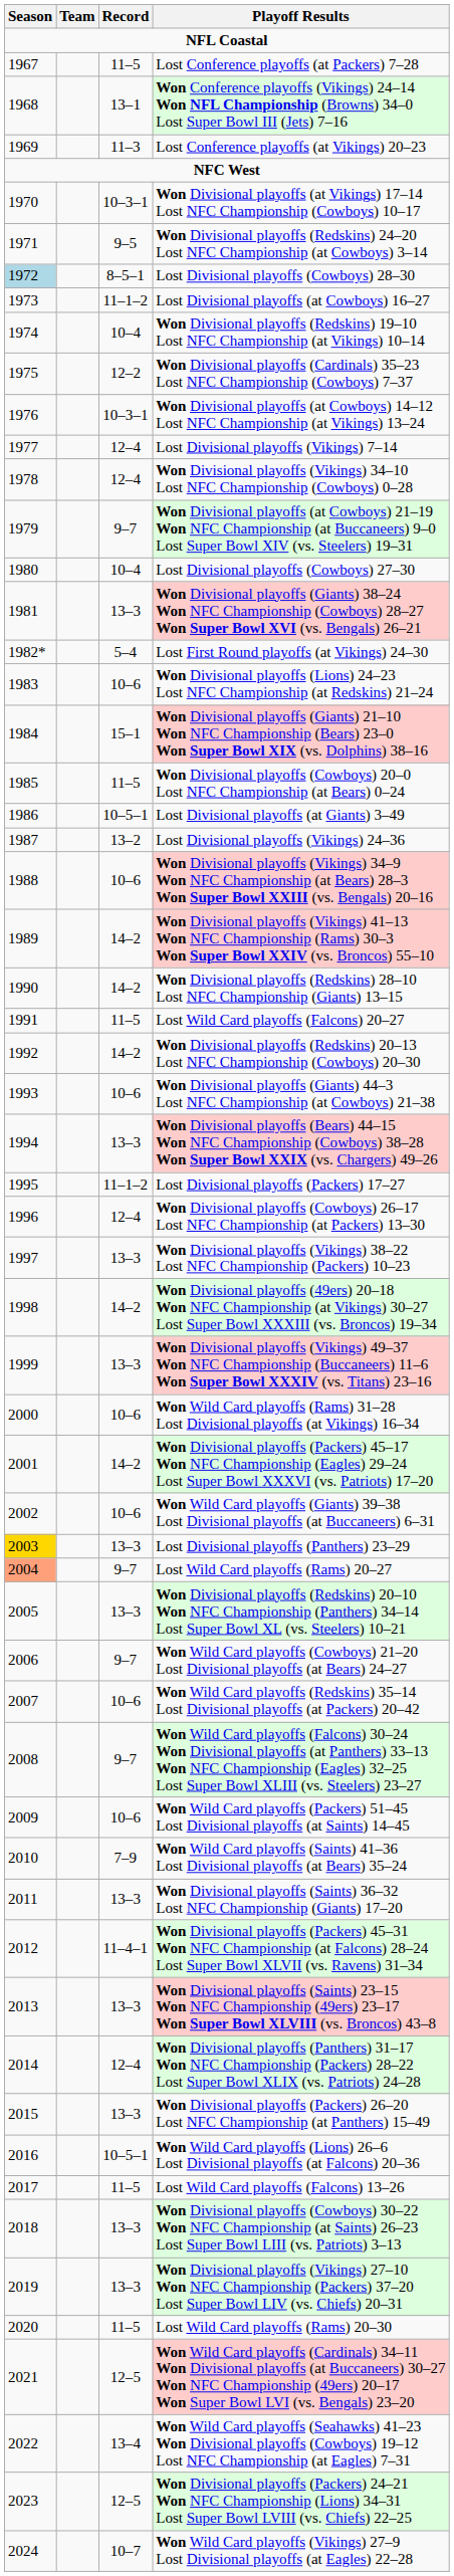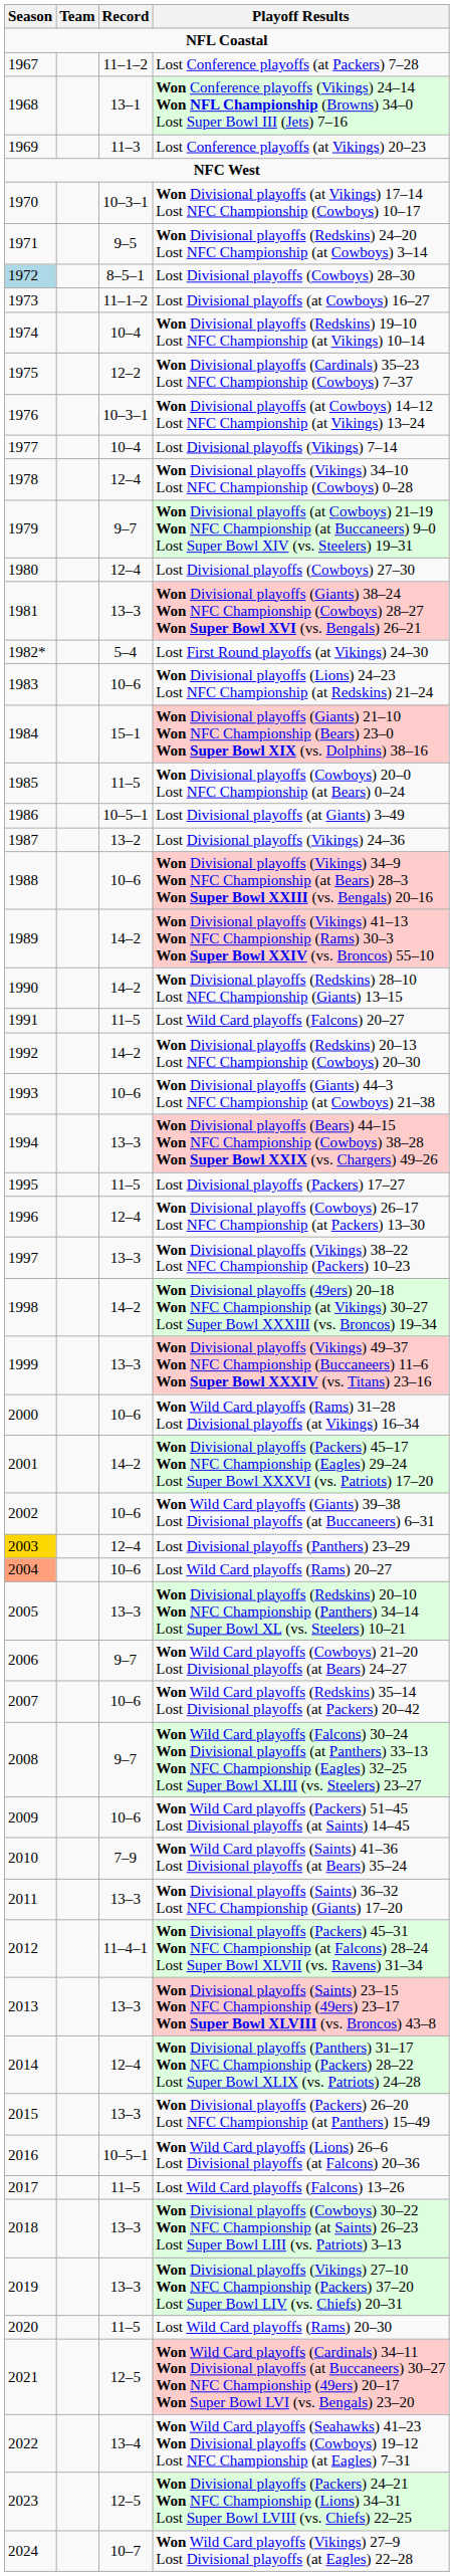 <table class="wikitable">
 <tr>
 <th>Season</th>
 <th>Team</th>
 <th>Record</th>
 <th>Playoff Results</th>
 </tr>
 <tr>
 <td colspan="4" align="center"><strong>NFL Coastal</strong></td>
 </tr>
 <tr>
 <td>1967</td>
 <td><strong><a href='#'></a></strong></td>
-<td align="center">11–5</td>
+<td align="center">11–1–2</td>
 <td>Lost <a href='#'>Conference playoffs</a> (at <a href='#'>Packers</a>) 7–28</td>
 </tr>
 <tr>
 <td>1968</td>
 <td><strong><a href='#'></a></strong></td>
 <td align="center">13–1</td>
 <td bgcolor="#DDFFDD"><strong>Won</strong> <a href='#'>Conference playoffs</a> (<a href='#'>Vikings</a>) 24–14<br><strong>Won <a href='#'>NFL Championship</a></strong> (<a href='#'>Browns</a>) 34–0<br>Lost <a href='#'>Super Bowl III</a> (<a href='#'>Jets</a>) 7–16</td>
 </tr>
 <tr>
 <td>1969</td>
 <td><strong><a href='#'></a></strong></td>
 <td align="center">11–3</td>
 <td>Lost <a href='#'>Conference playoffs</a> (at <a href='#'>Vikings</a>) 20–23</td>
 </tr>
 <tr>
 <td colspan="4" align="center"><strong>NFC West</strong></td>
 </tr>
 <tr>
 <td>1970</td>
 <td><strong><a href='#'></a></strong></td>
 <td align="center">10–3–1</td>
 <td><strong>Won</strong> <a href='#'>Divisional playoffs</a> (at <a href='#'>Vikings</a>) 17–14<br>Lost <a href='#'>NFC Championship</a> (<a href='#'>Cowboys</a>) 10–17</td>
 </tr>
 <tr>
 <td>1971</td>
 <td><strong><a href='#'></a></strong></td>
 <td align="center">9–5</td>
 <td><strong>Won</strong> <a href='#'>Divisional playoffs</a> (<a href='#'>Redskins</a>) 24–20<br>Lost <a href='#'>NFC Championship</a> (at <a href='#'>Cowboys</a>) 3–14</td>
 </tr>
 <tr>
 <td style="background: lightblue;">1972</td>
 <td><strong><a href='#'></a></strong></td>
 <td align="center">8–5–1</td>
 <td>Lost <a href='#'>Divisional playoffs</a> (<a href='#'>Cowboys</a>) 28–30</td>
 </tr>
 <tr>
 <td>1973</td>
 <td><strong><a href='#'></a></strong></td>
 <td align="center">11–1–2</td>
 <td>Lost <a href='#'>Divisional playoffs</a> (at <a href='#'>Cowboys</a>) 16–27</td>
 </tr>
 <tr>
 <td>1974</td>
 <td><strong><a href='#'></a></strong></td>
 <td align="center">10–4</td>
 <td><strong>Won</strong> <a href='#'>Divisional playoffs</a> (<a href='#'>Redskins</a>) 19–10<br>Lost <a href='#'>NFC Championship</a> (at <a href='#'>Vikings</a>) 10–14</td>
 </tr>
 <tr>
 <td>1975</td>
 <td><strong><a href='#'></a></strong></td>
 <td align="center">12–2</td>
 <td><strong>Won</strong> <a href='#'>Divisional playoffs</a> (<a href='#'>Cardinals</a>) 35–23<br>Lost <a href='#'>NFC Championship</a> (<a href='#'>Cowboys</a>) 7–37</td>
 </tr>
 <tr>
 <td>1976</td>
 <td><strong><a href='#'></a></strong></td>
 <td align="center">10–3–1</td>
 <td><strong>Won</strong> <a href='#'>Divisional playoffs</a> (at <a href='#'>Cowboys</a>) 14–12<br>Lost <a href='#'>NFC Championship</a> (at <a href='#'>Vikings</a>) 13–24</td>
 </tr>
 <tr>
 <td>1977</td>
 <td><strong><a href='#'></a></strong></td>
-<td align="center">12–4</td>
+<td align="center">10–4</td>
 <td>Lost <a href='#'>Divisional playoffs</a> (<a href='#'>Vikings</a>) 7–14</td>
 </tr>
 <tr>
 <td>1978</td>
 <td><strong><a href='#'></a></strong></td>
 <td align="center">12–4</td>
 <td><strong>Won</strong> <a href='#'>Divisional playoffs</a> (<a href='#'>Vikings</a>) 34–10<br>Lost <a href='#'>NFC Championship</a> (<a href='#'>Cowboys</a>) 0–28</td>
 </tr>
 <tr>
 <td>1979</td>
 <td><strong><a href='#'></a></strong></td>
 <td align="center">9–7</td>
 <td bgcolor="#DDFFDD"><strong>Won</strong> <a href='#'>Divisional playoffs</a> (at <a href='#'>Cowboys</a>) 21–19<br><strong>Won </strong><a href='#'>NFC Championship</a> (at <a href='#'>Buccaneers</a>) 9–0<br>Lost <a href='#'>Super Bowl XIV</a> (vs. <a href='#'>Steelers</a>) 19–31</td>
 </tr>
 <tr>
 <td>1980</td>
 <td><strong><a href='#'></a></strong></td>
-<td align="center">10–4</td>
+<td align="center">12–4</td>
 <td>Lost <a href='#'>Divisional playoffs</a> (<a href='#'>Cowboys</a>) 27–30</td>
 </tr>
 <tr>
 <td>1981</td>
 <td><strong><a href='#'></a></strong></td>
 <td align="center">13–3</td>
 <td style="background: #FFCCCC;" valign="top"><strong>Won</strong> <a href='#'>Divisional playoffs</a> (<a href='#'>Giants</a>) 38–24<br><strong>Won</strong> <a href='#'>NFC Championship</a> (<a href='#'>Cowboys</a>) 28–27<br><strong>Won <a href='#'>Super Bowl XVI</a></strong> (vs. <a href='#'>Bengals</a>) 26–21</td>
 </tr>
 <tr>
 <td>1982*</td>
 <td><strong><a href='#'></a></strong></td>
 <td align="center">5–4</td>
 <td>Lost <a href='#'>First Round playoffs</a> (at <a href='#'>Vikings</a>) 24–30</td>
 </tr>
 <tr>
 <td>1983</td>
 <td><strong><a href='#'></a></strong></td>
 <td align="center">10–6</td>
 <td><strong>Won</strong> <a href='#'>Divisional playoffs</a> (<a href='#'>Lions</a>) 24–23<br>Lost <a href='#'>NFC Championship</a> (at <a href='#'>Redskins</a>) 21–24</td>
 </tr>
 <tr>
 <td>1984</td>
 <td><strong><a href='#'></a></strong></td>
 <td align="center">15–1</td>
 <td style="background: #FFCCCC;" valign="top"><strong>Won</strong> <a href='#'>Divisional playoffs</a> (<a href='#'>Giants</a>) 21–10<br><strong>Won</strong> <a href='#'>NFC Championship</a> (<a href='#'>Bears</a>) 23–0<br><strong>Won <a href='#'>Super Bowl XIX</a></strong> (vs. <a href='#'>Dolphins</a>) 38–16</td>
 </tr>
 <tr>
 <td>1985</td>
 <td><strong><a href='#'></a></strong></td>
 <td align="center">11–5</td>
 <td><strong>Won</strong> <a href='#'>Divisional playoffs</a> (<a href='#'>Cowboys</a>) 20–0<br>Lost <a href='#'>NFC Championship</a> (at <a href='#'>Bears</a>) 0–24</td>
 </tr>
 <tr>
 <td>1986</td>
 <td><strong><a href='#'></a></strong></td>
 <td align="center">10–5–1</td>
 <td>Lost <a href='#'>Divisional playoffs</a> (at <a href='#'>Giants</a>) 3–49</td>
 </tr>
 <tr>
 <td>1987</td>
 <td><strong><a href='#'></a></strong></td>
 <td align="center">13–2</td>
 <td>Lost <a href='#'>Divisional playoffs</a> (<a href='#'>Vikings</a>) 24–36</td>
 </tr>
 <tr>
 <td>1988</td>
 <td><strong><a href='#'></a></strong></td>
 <td align="center">10–6</td>
 <td style="background: #FFCCCC;" valign="top"><strong>Won</strong> <a href='#'>Divisional playoffs</a> (<a href='#'>Vikings</a>) 34–9<br><strong>Won</strong> <a href='#'>NFC Championship</a> (at <a href='#'>Bears</a>) 28–3<br><strong>Won <a href='#'>Super Bowl XXIII</a></strong> (vs. <a href='#'>Bengals</a>) 20–16</td>
 </tr>
 <tr>
 <td>1989</td>
 <td><strong><a href='#'></a></strong></td>
 <td align="center">14–2</td>
 <td style="background: #FFCCCC;" valign="top"><strong>Won</strong> <a href='#'>Divisional playoffs</a> (<a href='#'>Vikings</a>) 41–13<br><strong>Won</strong> <a href='#'>NFC Championship</a> (<a href='#'>Rams</a>) 30–3<br><strong>Won <a href='#'>Super Bowl XXIV</a></strong> (vs. <a href='#'>Broncos</a>) 55–10</td>
 </tr>
 <tr>
 <td>1990</td>
 <td><strong><a href='#'></a></strong></td>
 <td align="center">14–2</td>
 <td><strong>Won</strong> <a href='#'>Divisional playoffs</a> (<a href='#'>Redskins</a>) 28–10<br>Lost <a href='#'>NFC Championship</a> (<a href='#'>Giants</a>) 13–15</td>
 </tr>
 <tr>
 <td>1991</td>
 <td><strong><a href='#'></a></strong></td>
 <td align="center">11–5</td>
 <td>Lost <a href='#'>Wild Card playoffs</a> (<a href='#'>Falcons</a>) 20–27</td>
 </tr>
 <tr>
 <td>1992</td>
 <td><strong><a href='#'></a></strong></td>
 <td align="center">14–2</td>
 <td><strong>Won</strong> <a href='#'>Divisional playoffs</a> (<a href='#'>Redskins</a>) 20–13<br>Lost <a href='#'>NFC Championship</a> (<a href='#'>Cowboys</a>) 20–30</td>
 </tr>
 <tr>
 <td>1993</td>
 <td><strong><a href='#'></a></strong></td>
 <td align="center">10–6</td>
 <td><strong>Won</strong> <a href='#'>Divisional playoffs</a> (<a href='#'>Giants</a>) 44–3<br>Lost <a href='#'>NFC Championship</a> (at <a href='#'>Cowboys</a>) 21–38</td>
 </tr>
 <tr>
 <td>1994</td>
 <td><strong><a href='#'></a></strong></td>
 <td align="center">13–3</td>
 <td style="background: #FFCCCC;" valign="top"><strong>Won</strong> <a href='#'>Divisional playoffs</a> (<a href='#'>Bears</a>) 44–15<br><strong>Won</strong> <a href='#'>NFC Championship</a> (<a href='#'>Cowboys</a>) 38–28<br><strong>Won <a href='#'>Super Bowl XXIX</a></strong> (vs. <a href='#'>Chargers</a>) 49–26</td>
 </tr>
 <tr>
 <td>1995</td>
 <td><strong><a href='#'></a></strong></td>
-<td align="center">11–1–2</td>
+<td align="center">11–5</td>
 <td>Lost <a href='#'>Divisional playoffs</a> (<a href='#'>Packers</a>) 17–27</td>
 </tr>
 <tr>
 <td>1996</td>
 <td><strong><a href='#'></a></strong></td>
 <td align="center">12–4</td>
 <td><strong>Won</strong> <a href='#'>Divisional playoffs</a> (<a href='#'>Cowboys</a>) 26–17<br>Lost <a href='#'>NFC Championship</a> (at <a href='#'>Packers</a>) 13–30</td>
 </tr>
 <tr>
 <td>1997</td>
 <td><strong><a href='#'></a></strong></td>
 <td align="center">13–3</td>
 <td><strong>Won</strong> <a href='#'>Divisional playoffs</a> (<a href='#'>Vikings</a>) 38–22<br>Lost <a href='#'>NFC Championship</a> (<a href='#'>Packers</a>) 10–23</td>
 </tr>
 <tr>
 <td>1998</td>
 <td><strong><a href='#'></a></strong></td>
 <td align="center">14–2</td>
 <td bgcolor="#DDFFDD"><strong>Won</strong> <a href='#'>Divisional playoffs</a> (<a href='#'>49ers</a>) 20–18 <br><strong>Won</strong> <a href='#'>NFC Championship</a> (at <a href='#'>Vikings</a>) 30–27 <br>Lost <a href='#'>Super Bowl XXXIII</a> (vs. <a href='#'>Broncos</a>) 19–34</td>
 </tr>
 <tr>
 <td>1999</td>
 <td><strong><a href='#'></a></strong></td>
 <td align="center">13–3</td>
 <td style="background: #FFCCCC;" valign="top"><strong>Won</strong> <a href='#'>Divisional playoffs</a> (<a href='#'>Vikings</a>) 49–37<br><strong>Won</strong> <a href='#'>NFC Championship</a> (<a href='#'>Buccaneers</a>) 11–6<br><strong>Won <a href='#'>Super Bowl XXXIV</a></strong> (vs. <a href='#'>Titans</a>) 23–16</td>
 </tr>
 <tr>
 <td>2000</td>
 <td><strong><a href='#'></a></strong></td>
 <td align="center">10–6</td>
 <td><strong>Won</strong> <a href='#'>Wild Card playoffs</a> (<a href='#'>Rams</a>) 31–28<br>Lost <a href='#'>Divisional playoffs</a> (at <a href='#'>Vikings</a>) 16–34</td>
 </tr>
 <tr>
 <td>2001</td>
 <td><strong><a href='#'></a></strong></td>
 <td align="center">14–2</td>
 <td bgcolor="#DDFFDD"><strong>Won</strong> <a href='#'>Divisional playoffs</a> (<a href='#'>Packers</a>) 45–17 <br><strong>Won</strong> <a href='#'>NFC Championship</a> (<a href='#'>Eagles</a>) 29–24 <br>Lost <a href='#'>Super Bowl XXXVI</a> (vs. <a href='#'>Patriots</a>) 17–20</td>
 </tr>
 <tr>
 <td>2002</td>
 <td><strong><a href='#'></a></strong></td>
 <td align="center">10–6</td>
 <td><strong>Won</strong> <a href='#'>Wild Card playoffs</a> (<a href='#'>Giants</a>) 39–38<br>Lost <a href='#'>Divisional playoffs</a> (at <a href='#'>Buccaneers</a>) 6–31</td>
 </tr>
 <tr>
 <td style="background: gold;">2003</td>
 <td><strong><a href='#'></a></strong></td>
-<td align="center">13–3</td>
+<td align="center">12–4</td>
 <td>Lost <a href='#'>Divisional playoffs</a> (<a href='#'>Panthers</a>) 23–29 </td>
 </tr>
 <tr>
 <td style="background: lightsalmon;">2004</td>
 <td><strong><a href='#'></a></strong></td>
-<td align="center">9–7</td>
+<td align="center">10–6</td>
 <td>Lost <a href='#'>Wild Card playoffs</a> (<a href='#'>Rams</a>) 20–27</td>
 </tr>
 <tr>
 <td>2005</td>
 <td><strong><a href='#'></a></strong></td>
 <td align="center">13–3</td>
 <td bgcolor="#DDFFDD"><strong>Won</strong> <a href='#'>Divisional playoffs</a> (<a href='#'>Redskins</a>) 20–10<br><strong>Won</strong> <a href='#'>NFC Championship</a> (<a href='#'>Panthers</a>) 34–14<br>Lost <a href='#'>Super Bowl XL</a> (vs. <a href='#'>Steelers</a>) 10–21</td>
 </tr>
 <tr>
 <td>2006</td>
 <td><strong><a href='#'></a></strong></td>
 <td align="center">9–7</td>
 <td><strong>Won</strong> <a href='#'>Wild Card playoffs</a> (<a href='#'>Cowboys</a>) 21–20<br>Lost <a href='#'>Divisional playoffs</a> (at <a href='#'>Bears</a>) 24–27 </td>
 </tr>
 <tr>
 <td>2007</td>
 <td><strong><a href='#'></a></strong></td>
 <td align="center">10–6</td>
 <td><strong>Won</strong> <a href='#'>Wild Card playoffs</a> (<a href='#'>Redskins</a>) 35–14<br>Lost <a href='#'>Divisional playoffs</a> (at <a href='#'>Packers</a>) 20–42</td>
 </tr>
 <tr>
 <td>2008</td>
 <td><strong><a href='#'></a></strong></td>
 <td align="center">9–7</td>
 <td bgcolor="#DDFFDD"><strong>Won</strong> <a href='#'>Wild Card playoffs</a> (<a href='#'>Falcons</a>) 30–24<br><strong>Won</strong> <a href='#'>Divisional playoffs</a> (at <a href='#'>Panthers</a>) 33–13<br><strong>Won</strong> <a href='#'>NFC Championship</a> (<a href='#'>Eagles</a>) 32–25<br>Lost <a href='#'>Super Bowl XLIII</a> (vs. <a href='#'>Steelers</a>) 23–27</td>
 </tr>
 <tr>
 <td>2009</td>
 <td><strong><a href='#'></a></strong></td>
 <td align="center">10–6</td>
 <td><strong>Won</strong> <a href='#'>Wild Card playoffs</a> (<a href='#'>Packers</a>) 51–45 <br>Lost <a href='#'>Divisional playoffs</a> (at <a href='#'>Saints</a>) 14–45</td>
 </tr>
 <tr>
 <td>2010</td>
 <td><strong><a href='#'></a></strong></td>
 <td align="center">7–9</td>
 <td><strong>Won</strong> <a href='#'>Wild Card playoffs</a> (<a href='#'>Saints</a>) 41–36<br>Lost <a href='#'>Divisional playoffs</a> (at <a href='#'>Bears</a>) 35–24</td>
 </tr>
 <tr>
 <td>2011</td>
 <td><strong><a href='#'></a></strong></td>
 <td align="center">13–3</td>
 <td><strong>Won</strong> <a href='#'>Divisional playoffs</a> (<a href='#'>Saints</a>) 36–32<br>Lost <a href='#'>NFC Championship</a> (<a href='#'>Giants</a>) 17–20 </td>
 </tr>
 <tr>
 <td>2012</td>
 <td><strong><a href='#'></a></strong></td>
 <td align="center">11–4–1</td>
 <td bgcolor="#DDFFDD"><strong>Won</strong> <a href='#'>Divisional playoffs</a> (<a href='#'>Packers</a>) 45–31<br><strong>Won</strong> <a href='#'>NFC Championship</a> (at <a href='#'>Falcons</a>) 28–24<br>Lost <a href='#'>Super Bowl XLVII</a> (vs. <a href='#'>Ravens</a>) 31–34</td>
 </tr>
 <tr>
 <td>2013</td>
 <td><strong><a href='#'></a></strong></td>
 <td align="center">13–3</td>
 <td style="background: #FFCCCC;" valign="top"><strong>Won</strong> <a href='#'>Divisional playoffs</a> (<a href='#'>Saints</a>) 23–15 <br><strong>Won</strong> <a href='#'>NFC Championship</a> (<a href='#'>49ers</a>) 23–17<br><strong>Won <a href='#'>Super Bowl XLVIII</a></strong> (vs. <a href='#'>Broncos</a>) 43–8</td>
 </tr>
 <tr>
 <td>2014</td>
 <td><strong><a href='#'></a></strong></td>
 <td align="center">12–4</td>
 <td bgcolor="#DDFFDD"><strong>Won</strong> <a href='#'>Divisional playoffs</a> (<a href='#'>Panthers</a>) 31–17<br><strong>Won</strong> <a href='#'>NFC Championship</a> (<a href='#'>Packers</a>) 28–22 <br>Lost <a href='#'>Super Bowl XLIX</a> (vs. <a href='#'>Patriots</a>) 24–28</td>
 </tr>
 <tr>
 <td>2015</td>
 <td><strong><a href='#'></a></strong></td>
 <td align="center">13–3</td>
 <td><strong>Won</strong> <a href='#'>Divisional playoffs</a> (<a href='#'>Packers</a>) 26–20 <br>Lost <a href='#'>NFC Championship</a> (at <a href='#'>Panthers</a>) 15–49</td>
 </tr>
 <tr>
 <td>2016</td>
 <td><strong><a href='#'></a></strong></td>
 <td align="center">10–5–1</td>
 <td><strong>Won</strong> <a href='#'>Wild Card playoffs</a> (<a href='#'>Lions</a>) 26–6<br>Lost <a href='#'>Divisional playoffs</a> (at <a href='#'>Falcons</a>) 20–36</td>
 </tr>
 <tr>
 <td>2017</td>
 <td><strong><a href='#'></a></strong></td>
 <td align="center">11–5</td>
 <td>Lost <a href='#'>Wild Card playoffs</a> (<a href='#'>Falcons</a>) 13–26</td>
 </tr>
 <tr>
 <td>2018</td>
 <td><strong><a href='#'></a></strong></td>
 <td align="center">13–3</td>
 <td bgcolor="#DDFFDD"><strong>Won</strong> <a href='#'>Divisional playoffs</a> (<a href='#'>Cowboys</a>) 30–22 <br><strong>Won</strong> <a href='#'>NFC Championship</a> (at <a href='#'>Saints</a>) 26–23 <br>Lost <a href='#'>Super Bowl LIII</a> (vs. <a href='#'>Patriots</a>) 3–13</td>
 </tr>
 <tr>
 <td>2019</td>
 <td><strong><a href='#'></a></strong></td>
 <td align="center">13–3</td>
 <td bgcolor="#DDFFDD"><strong>Won</strong> <a href='#'>Divisional playoffs</a> (<a href='#'>Vikings</a>) 27–10 <br><strong>Won</strong> <a href='#'>NFC Championship</a> (<a href='#'>Packers</a>) 37–20 <br> Lost <a href='#'>Super Bowl LIV</a> (vs. <a href='#'>Chiefs</a>) 20–31</td>
 </tr>
 <tr>
 <td>2020</td>
 <td><strong><a href='#'></a></strong></td>
 <td align="center">11–5</td>
 <td>Lost <a href='#'>Wild Card playoffs</a> (<a href='#'>Rams</a>) 20–30</td>
 </tr>
 <tr>
 <td>2021</td>
 <td><strong><a href='#'></a></strong></td>
 <td align="center">12–5</td>
 <td bgcolor="#FFCCCC"><strong>Won</strong> <a href='#'>Wild Card playoffs</a> (<a href='#'>Cardinals</a>) 34–11 <br> <strong>Won</strong> <a href='#'>Divisional playoffs</a> (at <a href='#'>Buccaneers</a>) 30–27 <br> <strong>Won</strong> <a href='#'>NFC Championship</a> (<a href='#'>49ers</a>) 20–17 <br> <strong>Won</strong> <a href='#'>Super Bowl LVI</a> (vs. <a href='#'>Bengals</a>) 23–20</td>
 </tr>
 <tr>
 <td>2022</td>
 <td><strong><a href='#'></a></strong></td>
 <td align="center">13–4</td>
 <td><strong>Won</strong> <a href='#'>Wild Card playoffs</a> (<a href='#'>Seahawks</a>) 41–23 <br>  <strong>Won</strong> <a href='#'>Divisional playoffs</a> (<a href='#'>Cowboys</a>) 19–12 <br> Lost <a href='#'>NFC Championship</a>  (at <a href='#'>Eagles</a>) 7–31</td>
 </tr>
 <tr>
 <td>2023</td>
 <td><strong><a href='#'></a></strong></td>
 <td align="center">12–5</td>
 <td bgcolor="#DDFFDD"><strong>Won</strong> <a href='#'>Divisional playoffs</a> (<a href='#'>Packers</a>) 24–21 <br> <strong>Won</strong> <a href='#'>NFC Championship</a>  (<a href='#'>Lions</a>) 34–31 <br> Lost <a href='#'>Super Bowl LVIII</a> (vs. <a href='#'>Chiefs</a>) 22–25 </td>
 </tr>
 <tr>
 <td>2024</td>
 <td><strong><a href='#'></a></strong></td>
 <td align="center">10–7</td>
 <td><strong>Won</strong> <a href='#'>Wild Card playoffs</a> (<a href='#'>Vikings</a>) 27–9 <br> Lost <a href='#'>Divisional playoffs</a> (at <a href='#'>Eagles</a>) 22–28</td>
 </tr>
 </table>
